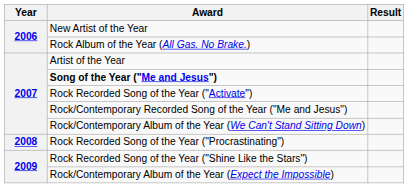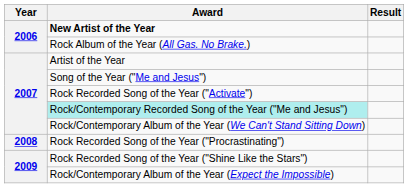 <table class="wikitable">
 <tr>
 <th style="width:60px;">Year</th>
 <th>Award</th>
 <th>Result</th>
 </tr>
 <tr>
 <th rowspan="2"><a href='#'>2006</a></th>
-<td>New Artist of the Year</td>
+<td><strong>New Artist of the Year</strong></td>
 <td></td>
 </tr>
 <tr>
 <td>Rock Album of the Year (<em><a href='#'>All Gas. No Brake.</a></em>)</td>
 <td></td>
 </tr>
 <tr>
 <th rowspan="5"><a href='#'>2007</a></th>
 <td>Artist of the Year</td>
 <td></td>
 </tr>
 <tr>
-<td><strong>Song of the Year ("<a href='#'>Me and Jesus</a>")</strong></td>
+<td>Song of the Year ("<a href='#'>Me and Jesus</a>")</td>
 <td></td>
 </tr>
 <tr>
 <td>Rock Recorded Song of the Year ("<a href='#'>Activate</a>")</td>
 <td></td>
 </tr>
 <tr>
-<td>Rock/Contemporary Recorded Song of the Year ("Me and Jesus")</td>
+<td style="background: paleturquoise;">Rock/Contemporary Recorded Song of the Year ("Me and Jesus")</td>
 <td></td>
 </tr>
 <tr>
 <td>Rock/Contemporary Album of the Year (<em><a href='#'>We Can't Stand Sitting Down</a></em>)</td>
 <td></td>
 </tr>
 <tr>
 <th><a href='#'>2008</a></th>
 <td>Rock Recorded Song of the Year ("Procrastinating")</td>
 <td></td>
 </tr>
 <tr>
 <th rowspan="2"><a href='#'>2009</a></th>
 <td>Rock Recorded Song of the Year ("Shine Like the Stars")</td>
 <td></td>
 </tr>
 <tr>
 <td>Rock/Contemporary Album of the Year (<em><a href='#'>Expect the Impossible</a></em>)</td>
 <td></td>
 </tr>
 </table>
